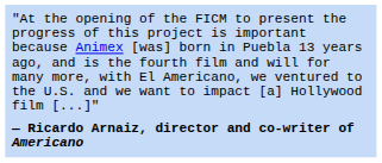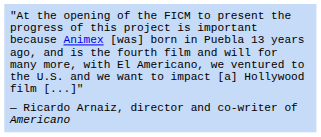 <table class="toccolours" style="float: right; margin-left: 1em; margin-right: 2em; font-size: 85%; background:#c6dbf7; color:black; width:28em; max-width: 40%;" cellspacing="5">
 <tr>
 <td style="text-align: left;">"At the opening of the FICM to present the progress of this project is important because <a href='#'>Animex</a> [was] born in Puebla 13 years ago, and is the fourth film and will for many more, with El Americano, we ventured to the U.S. and we want to impact [a] Hollywood film [...]"</td>
 </tr>
 <tr>
-<td style="text-align: left;"><strong>— Ricardo Arnaiz, director and co-writer of <em>Americano</em></strong></td>
+<td style="text-align: left;">— Ricardo Arnaiz, director and co-writer of <em>Americano</em></td>
 </tr>
 </table>
